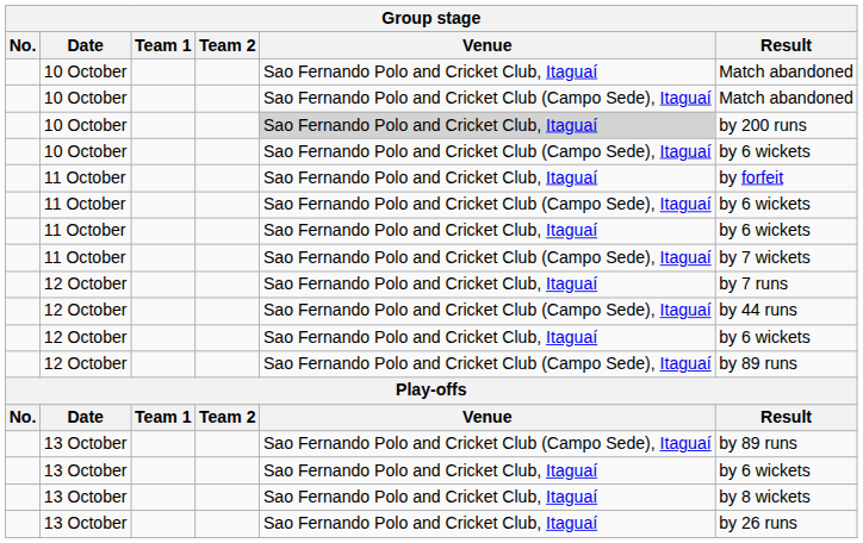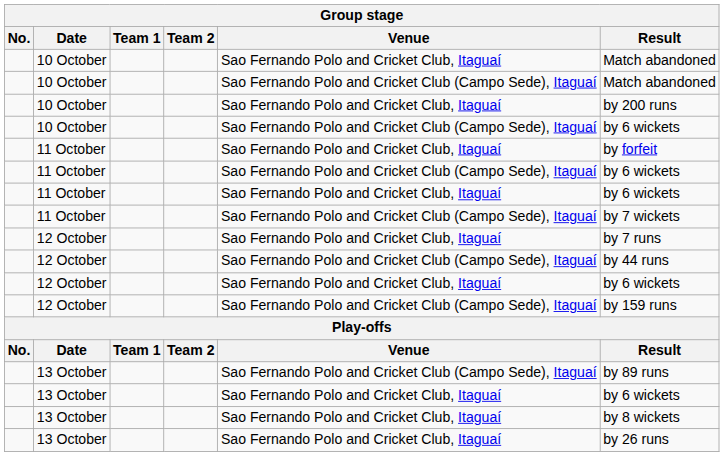 <table class="wikitable">
 <tr>
 <th colspan="6">Group stage</th>
 </tr>
 <tr>
 <th>No.</th>
 <th>Date</th>
 <th>Team 1</th>
 <th>Team 2</th>
 <th>Venue</th>
 <th>Result</th>
 </tr>
 <tr>
 <td></td>
 <td>10 October</td>
 <td></td>
 <td></td>
 <td>Sao Fernando Polo and Cricket Club, <a href='#'>Itaguaí</a></td>
 <td>Match abandoned</td>
 </tr>
 <tr>
 <td></td>
 <td>10 October</td>
 <td></td>
 <td></td>
 <td>Sao Fernando Polo and Cricket Club (Campo Sede), <a href='#'>Itaguaí</a></td>
 <td>Match abandoned</td>
 </tr>
 <tr>
 <td></td>
 <td>10 October</td>
 <td></td>
 <td></td>
-<td style="background: lightgrey;">Sao Fernando Polo and Cricket Club, <a href='#'>Itaguaí</a></td>
+<td>Sao Fernando Polo and Cricket Club, <a href='#'>Itaguaí</a></td>
 <td> by 200 runs</td>
 </tr>
 <tr>
 <td></td>
 <td>10 October</td>
 <td></td>
 <td></td>
 <td>Sao Fernando Polo and Cricket Club (Campo Sede), <a href='#'>Itaguaí</a></td>
 <td> by 6 wickets</td>
 </tr>
 <tr>
 <td></td>
 <td>11 October</td>
 <td></td>
 <td></td>
 <td>Sao Fernando Polo and Cricket Club, <a href='#'>Itaguaí</a></td>
 <td> by <a href='#'>forfeit</a></td>
 </tr>
 <tr>
 <td></td>
 <td>11 October</td>
 <td></td>
 <td></td>
 <td>Sao Fernando Polo and Cricket Club (Campo Sede), <a href='#'>Itaguaí</a></td>
 <td> by 6 wickets</td>
 </tr>
 <tr>
 <td></td>
 <td>11 October</td>
 <td></td>
 <td></td>
 <td>Sao Fernando Polo and Cricket Club, <a href='#'>Itaguaí</a></td>
 <td> by 6 wickets</td>
 </tr>
 <tr>
 <td></td>
 <td>11 October</td>
 <td></td>
 <td></td>
 <td>Sao Fernando Polo and Cricket Club (Campo Sede), <a href='#'>Itaguaí</a></td>
 <td> by 7 wickets</td>
 </tr>
 <tr>
 <td></td>
 <td>12 October</td>
 <td></td>
 <td></td>
 <td>Sao Fernando Polo and Cricket Club, <a href='#'>Itaguaí</a></td>
 <td> by 7 runs</td>
 </tr>
 <tr>
 <td></td>
 <td>12 October</td>
 <td></td>
 <td></td>
 <td>Sao Fernando Polo and Cricket Club (Campo Sede), <a href='#'>Itaguaí</a></td>
 <td> by 44 runs</td>
 </tr>
 <tr>
 <td></td>
 <td>12 October</td>
 <td></td>
 <td></td>
 <td>Sao Fernando Polo and Cricket Club, <a href='#'>Itaguaí</a></td>
 <td> by 6 wickets</td>
 </tr>
 <tr>
 <td></td>
 <td>12 October</td>
 <td></td>
 <td></td>
 <td>Sao Fernando Polo and Cricket Club (Campo Sede), <a href='#'>Itaguaí</a></td>
-<td> by 89 runs</td>
+<td> by 159 runs</td>
 </tr>
 <tr>
 <th colspan="6">Play-offs</th>
 </tr>
 <tr>
 <th>No.</th>
 <th>Date</th>
 <th>Team 1</th>
 <th>Team 2</th>
 <th>Venue</th>
 <th>Result</th>
 </tr>
 <tr>
 <td></td>
 <td>13 October</td>
 <td></td>
 <td></td>
 <td>Sao Fernando Polo and Cricket Club (Campo Sede), <a href='#'>Itaguaí</a></td>
 <td> by 89 runs</td>
 </tr>
 <tr>
 <td></td>
 <td>13 October</td>
 <td></td>
 <td></td>
 <td>Sao Fernando Polo and Cricket Club, <a href='#'>Itaguaí</a></td>
 <td> by 6 wickets</td>
 </tr>
 <tr>
 <td></td>
 <td>13 October</td>
 <td></td>
 <td></td>
 <td>Sao Fernando Polo and Cricket Club, <a href='#'>Itaguaí</a></td>
 <td> by 8 wickets</td>
 </tr>
 <tr>
 <td></td>
 <td>13 October</td>
 <td></td>
 <td></td>
 <td>Sao Fernando Polo and Cricket Club, <a href='#'>Itaguaí</a></td>
 <td> by 26 runs</td>
 </tr>
 </table>
